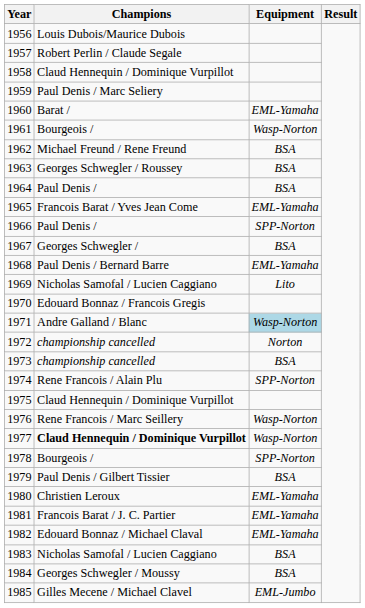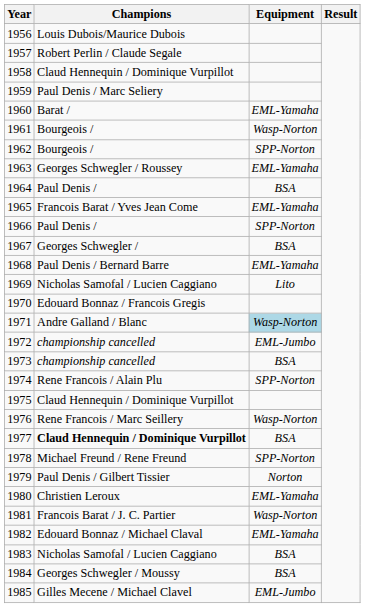 <table class="wikitable" style="display:inline-table;">
 <tr>
 <th>Year</th>
 <th>Champions</th>
 <th>Equipment</th>
 <th>Result</th>
 </tr>
 <tr align="center">
 <td>1956</td>
 <td align="left">Louis Dubois/Maurice Dubois</td>
 <td></td>
 <td rowspan=30></td>
 </tr>
 <tr align="center">
 <td>1957</td>
 <td align="left">Robert Perlin / Claude Segale</td>
 <td></td>
 </tr>
 <tr align="center">
 <td>1958</td>
 <td align="left">Claud Hennequin / Dominique Vurpillot</td>
 <td></td>
 </tr>
 <tr align="center">
 <td>1959</td>
 <td align="left">Paul Denis / Marc Seliery</td>
 <td></td>
 </tr>
 <tr align="center">
 <td>1960</td>
 <td align="left">Barat /</td>
 <td><em>EML-Yamaha</em></td>
 </tr>
 <tr align="center">
 <td>1961</td>
 <td align="left">Bourgeois /</td>
 <td><em>Wasp-Norton</em></td>
 </tr>
 <tr align="center">
 <td>1962</td>
-<td align="left">Michael Freund / Rene Freund</td>
-<td><em>BSA</em></td>
+<td align="left">Bourgeois /</td>
+<td><em>SPP-Norton</em></td>
 </tr>
 <tr align="center">
 <td>1963</td>
 <td align="left">Georges Schwegler / Roussey</td>
-<td><em>BSA</em></td>
+<td><em>EML-Yamaha</em></td>
 </tr>
 <tr align="center">
 <td>1964</td>
 <td align="left">Paul Denis /</td>
 <td><em>BSA</em></td>
 </tr>
 <tr align="center">
 <td>1965</td>
 <td align="left">Francois Barat / Yves Jean Come</td>
 <td><em>EML-Yamaha</em></td>
 </tr>
 <tr align="center">
 <td>1966</td>
 <td align="left">Paul Denis /</td>
 <td><em>SPP-Norton</em></td>
 </tr>
 <tr align="center">
 <td>1967</td>
 <td align="left">Georges Schwegler /</td>
 <td><em>BSA</em></td>
 </tr>
 <tr align="center">
 <td>1968</td>
 <td align="left">Paul Denis / Bernard Barre</td>
 <td><em>EML-Yamaha</em></td>
 </tr>
 <tr align="center">
 <td>1969</td>
 <td align="left">Nicholas Samofal / Lucien Caggiano</td>
 <td><em>Lito</em></td>
 </tr>
 <tr align="center">
 <td>1970</td>
 <td align="left">Edouard Bonnaz / Francois Gregis</td>
 <td></td>
 </tr>
 <tr align="center">
 <td>1971</td>
 <td align="left">Andre Galland / Blanc</td>
 <td style="background: lightblue;"><em>Wasp-Norton</em></td>
 </tr>
 <tr align="center">
 <td>1972</td>
 <td align="left"><em>championship cancelled</em></td>
-<td><em>Norton</em></td>
+<td><em>EML-Jumbo</em></td>
 </tr>
 <tr align="center">
 <td>1973</td>
 <td align="left"><em>championship cancelled</em></td>
 <td><em>BSA</em></td>
 </tr>
 <tr align="center">
 <td>1974</td>
 <td align="left">Rene Francois / Alain Plu</td>
 <td><em>SPP-Norton</em></td>
 </tr>
 <tr align="center">
 <td>1975</td>
 <td align="left">Claud Hennequin / Dominique Vurpillot</td>
 <td></td>
 </tr>
 <tr align="center">
 <td>1976</td>
 <td align="left">Rene Francois / Marc Seillery</td>
 <td><em>Wasp-Norton</em></td>
 </tr>
 <tr align="center">
 <td>1977</td>
 <td align="left"><strong>Claud Hennequin / Dominique Vurpillot</strong></td>
-<td><em>Wasp-Norton</em></td>
+<td><em>BSA</em></td>
 </tr>
 <tr align="center">
 <td>1978</td>
-<td align="left">Bourgeois /</td>
+<td align="left">Michael Freund / Rene Freund</td>
 <td><em>SPP-Norton</em></td>
 </tr>
 <tr align="center">
 <td>1979</td>
 <td align="left">Paul Denis / Gilbert Tissier</td>
-<td><em>BSA</em></td>
+<td><em>Norton</em></td>
 </tr>
 <tr align="center">
 <td>1980</td>
 <td align="left">Christien Leroux</td>
 <td><em>EML-Yamaha</em></td>
 </tr>
 <tr align="center">
 <td>1981</td>
 <td align="left">Francois Barat / J. C. Partier</td>
-<td><em>EML-Yamaha</em></td>
+<td><em>Wasp-Norton</em></td>
 </tr>
 <tr align="center">
 <td>1982</td>
 <td align="left">Edouard Bonnaz / Michael Claval</td>
 <td><em>EML-Yamaha</em></td>
 </tr>
 <tr align="center">
 <td>1983</td>
 <td align="left">Nicholas Samofal / Lucien Caggiano</td>
 <td><em>BSA</em></td>
 </tr>
 <tr align="center">
 <td>1984</td>
 <td align="left">Georges Schwegler / Moussy</td>
 <td><em>BSA</em></td>
 </tr>
 <tr align="center">
 <td>1985</td>
 <td align="left">Gilles Mecene / Michael Clavel</td>
 <td><em>EML-Jumbo</em></td>
 </tr>
 </table>
